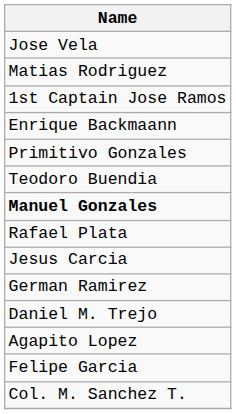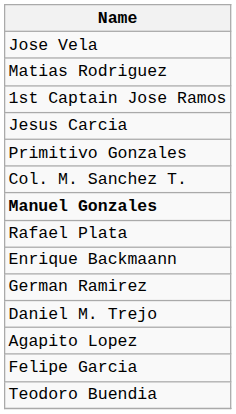 <table class="wikitable">
 <tr>
 <th>Name</th>
 </tr>
 <tr>
 <td>Jose Vela</td>
 </tr>
 <tr>
 <td>Matias Rodriguez</td>
 </tr>
 <tr>
 <td>1st Captain Jose Ramos</td>
 </tr>
 <tr>
-<td>Enrique Backmaann</td>
+<td>Jesus Carcia</td>
 </tr>
 <tr>
 <td>Primitivo Gonzales</td>
 </tr>
 <tr>
-<td>Teodoro Buendia</td>
+<td>Col. M. Sanchez T.</td>
 </tr>
 <tr>
 <td><strong>Manuel Gonzales</strong></td>
 </tr>
 <tr>
 <td>Rafael Plata</td>
 </tr>
 <tr>
-<td>Jesus Carcia</td>
+<td>Enrique Backmaann</td>
 </tr>
 <tr>
 <td>German Ramirez</td>
 </tr>
 <tr>
 <td>Daniel M. Trejo</td>
 </tr>
 <tr>
 <td>Agapito Lopez</td>
 </tr>
 <tr>
 <td>Felipe Garcia</td>
 </tr>
 <tr>
-<td>Col. M. Sanchez T.</td>
+<td>Teodoro Buendia</td>
 </tr>
 <tr>
 </tr>
 </table>
